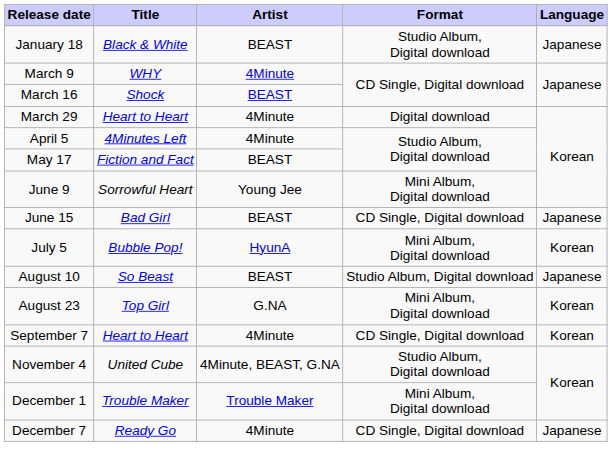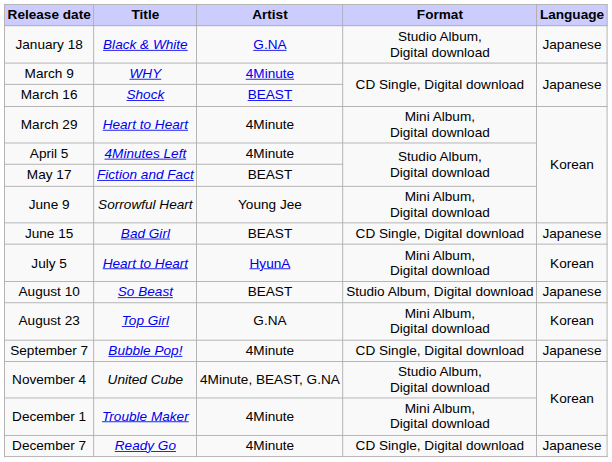 <table class="wikitable sortable" style="text-align:center">
 <tr>
 <th style="background:#CCF;">Release date</th>
 <th style="background:#CCF;">Title</th>
 <th style="background:#CCF;">Artist</th>
 <th style="background:#CCF;">Format</th>
 <th style="background:#CCF;">Language</th>
 </tr>
 <tr>
 <td>January 18</td>
 <td><em><a href='#'>Black & White</a></em></td>
-<td>BEAST</td>
+<td><a href='#'>G.NA</a></td>
 <td>Studio Album,<br>Digital download</td>
 <td>Japanese</td>
 </tr>
 <tr>
 <td>March 9</td>
 <td><em><a href='#'>WHY</a></em></td>
 <td><a href='#'>4Minute</a></td>
 <td rowspan="2">CD Single, Digital download</td>
 <td rowspan="2">Japanese</td>
 </tr>
 <tr>
 <td>March 16</td>
 <td><em><a href='#'>Shock</a></em></td>
 <td><a href='#'>BEAST</a></td>
 </tr>
 <tr>
 <td>March 29</td>
 <td><em><a href='#'>Heart to Heart</a></em></td>
 <td>4Minute</td>
-<td>Digital download</td>
+<td>Mini Album,<br>Digital download</td>
 <td rowspan="4">Korean</td>
 </tr>
 <tr>
 <td>April 5</td>
 <td><em><a href='#'>4Minutes Left</a></em></td>
 <td>4Minute</td>
 <td rowspan="2">Studio Album,<br>Digital download</td>
 </tr>
 <tr>
 <td>May 17</td>
 <td><em><a href='#'>Fiction and Fact</a></em></td>
 <td>BEAST</td>
 </tr>
 <tr>
 <td>June 9</td>
 <td><em>Sorrowful Heart</em></td>
 <td>Young Jee</td>
 <td>Mini Album,<br>Digital download</td>
 </tr>
 <tr>
 <td>June 15</td>
 <td><em><a href='#'>Bad Girl</a></em></td>
 <td>BEAST</td>
 <td>CD Single, Digital download</td>
 <td>Japanese</td>
 </tr>
 <tr>
 <td>July 5</td>
-<td><em><a href='#'>Bubble Pop!</a></em></td>
+<td><em><a href='#'>Heart to Heart</a></em></td>
 <td><a href='#'>HyunA</a></td>
 <td>Mini Album,<br>Digital download</td>
 <td>Korean</td>
 </tr>
 <tr>
 <td>August 10</td>
 <td><em><a href='#'>So Beast</a></em></td>
 <td>BEAST</td>
 <td>Studio Album, Digital download</td>
 <td>Japanese</td>
 </tr>
 <tr>
 <td>August 23</td>
 <td><em><a href='#'>Top Girl</a></em></td>
 <td>G.NA</td>
 <td>Mini Album,<br>Digital download</td>
 <td>Korean</td>
 </tr>
 <tr>
 <td>September 7</td>
-<td><em><a href='#'>Heart to Heart</a></em></td>
+<td><em><a href='#'>Bubble Pop!</a></em></td>
 <td>4Minute</td>
 <td>CD Single, Digital download</td>
-<td>Korean</td>
+<td>Japanese</td>
 </tr>
 <tr>
 <td>November 4</td>
 <td><em>United Cube</em></td>
 <td>4Minute, BEAST, G.NA</td>
 <td>Studio Album,<br>Digital download</td>
 <td rowspan="2">Korean</td>
 </tr>
 <tr>
 <td>December 1</td>
 <td><em><a href='#'>Trouble Maker</a></em></td>
-<td rowspan="1"><a href='#'>Trouble Maker</a></td>
+<td>4Minute</td>
 <td>Mini Album,<br>Digital download</td>
 </tr>
 <tr>
 <td>December 7</td>
 <td><em><a href='#'>Ready Go</a></em></td>
 <td>4Minute</td>
 <td>CD Single, Digital download</td>
 <td>Japanese</td>
 </tr>
 </table>
